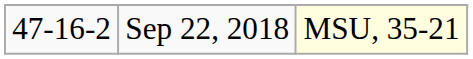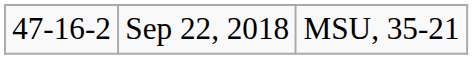 <table class="wikitable">
 <tr align="center">
 </tr>
 <tr align="center">
 <td>47-16-2</td>
 <td>Sep 22, 2018</td>
-<td style="background: lightyellow;">MSU, 35-21</td>
+<td>MSU, 35-21</td>
 </tr>
 </table>
